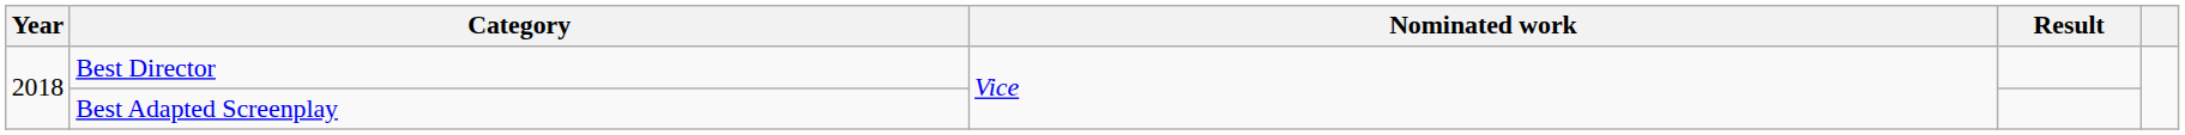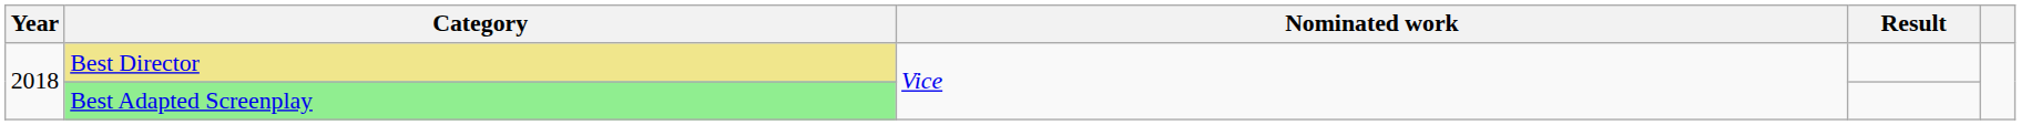 <table class=wikitable>
 <tr>
 <th scope="col" style="width:1em;">Year</th>
 <th scope="col" style="width:34em;">Category</th>
 <th scope="col" style="width:39em;">Nominated work</th>
 <th scope="col" style="width:5em;">Result</th>
 <th scope="col" style="width:1em;"></th>
 </tr>
 <tr>
 <td rowspan="2">2018</td>
-<td><a href='#'>Best Director</a></td>
+<td style="background: khaki;"><a href='#'>Best Director</a></td>
 <td rowspan="2"><em><a href='#'>Vice</a></em></td>
 <td></td>
 <td rowspan="2"></td>
 </tr>
 <tr>
-<td><a href='#'>Best Adapted Screenplay</a></td>
+<td style="background: lightgreen;"><a href='#'>Best Adapted Screenplay</a></td>
 <td></td>
 </tr>
 </table>
